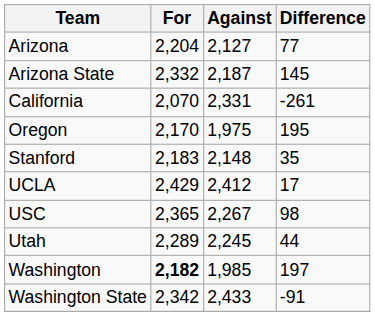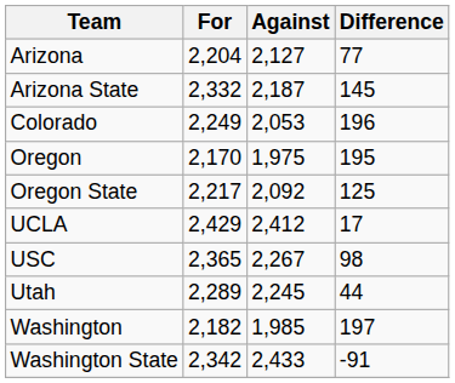 <table class="wikitable sortable">
 <tr>
 <th scope="col">Team</th>
 <th scope="col">For</th>
 <th scope="col">Against</th>
 <th scope="col">Difference</th>
 </tr>
 <tr>
 <td>Arizona</td>
 <td>2,204</td>
 <td>2,127</td>
 <td>77</td>
 </tr>
 <tr>
 <td>Arizona State</td>
 <td>2,332</td>
 <td>2,187</td>
 <td>145</td>
 </tr>
 <tr>
-<td>California</td>
-<td>2,070</td>
-<td>2,331</td>
-<td>-261</td>
+<td>Colorado</td>
+<td>2,249</td>
+<td>2,053</td>
+<td>196</td>
 </tr>
 <tr>
 <td>Oregon</td>
 <td>2,170</td>
 <td>1,975</td>
 <td>195</td>
 </tr>
 <tr>
-<td>Stanford</td>
-<td>2,183</td>
-<td>2,148</td>
-<td>35</td>
+<td>Oregon State</td>
+<td>2,217</td>
+<td>2,092</td>
+<td>125</td>
 </tr>
 <tr>
 <td>UCLA</td>
 <td>2,429</td>
 <td>2,412</td>
 <td>17</td>
 </tr>
 <tr>
 <td>USC</td>
 <td>2,365</td>
 <td>2,267</td>
 <td>98</td>
 </tr>
 <tr>
 <td>Utah</td>
 <td>2,289</td>
 <td>2,245</td>
 <td>44</td>
 </tr>
 <tr>
 <td>Washington</td>
-<td><strong>2,182</strong></td>
+<td>2,182</td>
 <td>1,985</td>
 <td>197</td>
 </tr>
 <tr>
 <td>Washington State</td>
 <td>2,342</td>
 <td>2,433</td>
 <td>-91</td>
 </tr>
 <tr>
 </tr>
 </table>
